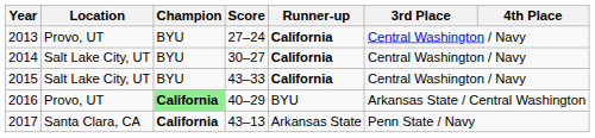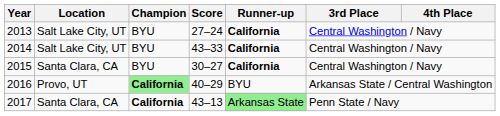 <table class="wikitable sortable">
 <tr>
 <th>Year</th>
 <th>Location</th>
 <th>Champion</th>
 <th>Score</th>
 <th>Runner-up</th>
 <th>3rd Place</th>
 <th>4th Place</th>
 </tr>
 <tr>
 <td>2013</td>
-<td>Provo, UT</td>
+<td>Salt Lake City, UT</td>
 <td>BYU</td>
 <td>27–24</td>
 <td><strong>California</strong></td>
 <td colspan="2"><a href='#'>Central Washington</a> / Navy</td>
 </tr>
 <tr>
 <td>2014</td>
 <td>Salt Lake City, UT</td>
 <td>BYU</td>
-<td>30–27</td>
+<td>43–33</td>
 <td><strong>California</strong></td>
 <td colspan="2">Central Washington / Navy</td>
 </tr>
 <tr>
 <td>2015</td>
-<td>Salt Lake City, UT</td>
+<td>Santa Clara, CA</td>
 <td>BYU</td>
-<td>43–33</td>
+<td>30–27</td>
 <td><strong>California</strong></td>
 <td colspan="2">Central Washington / Navy</td>
 </tr>
 <tr>
 <td>2016</td>
 <td>Provo, UT</td>
 <td style="background: lightgreen;"><strong>California</strong></td>
 <td>40–29</td>
 <td>BYU</td>
 <td colspan="2">Arkansas State / Central Washington</td>
 </tr>
 <tr>
 <td>2017</td>
 <td>Santa Clara, CA</td>
 <td><strong>California</strong></td>
 <td>43–13</td>
-<td>Arkansas State</td>
+<td style="background: lightgreen;">Arkansas State</td>
 <td colspan="2">Penn State / Navy</td>
 </tr>
 </table>
